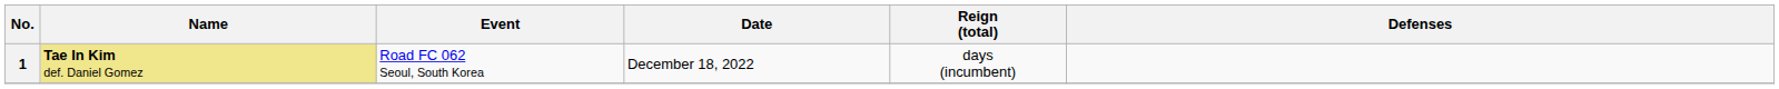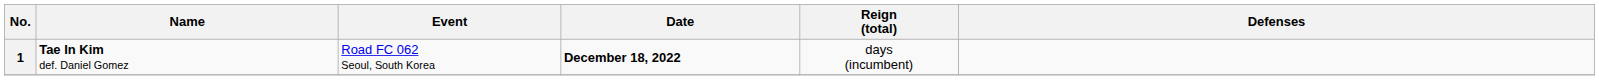 <table class="wikitable" style="width:99%;">
 <tr>
 <th style="width:2%;">No.</th>
 <th style="width:19%;">Name</th>
 <th style="width:14%;">Event</th>
 <th style="width:15%;">Date</th>
 <th style="width:10%;">Reign<br>(total)</th>
 <th style="width:40%;">Defenses</th>
 </tr>
 <tr>
 <th>1</th>
-<td style="background: khaki;"> <strong>Tae In Kim</strong><br><small>def. Daniel Gomez</small></td>
+<td> <strong>Tae In Kim</strong><br><small>def. Daniel Gomez</small></td>
 <td><a href='#'>Road FC 062</a><br><small>Seoul, South Korea</small></td>
-<td>December 18, 2022</td>
+<td><strong>December 18, 2022</strong></td>
 <td style="text-align:center;"> days<br>(incumbent)</td>
 <td></td>
 </tr>
 <tr>
 </tr>
 </table>
